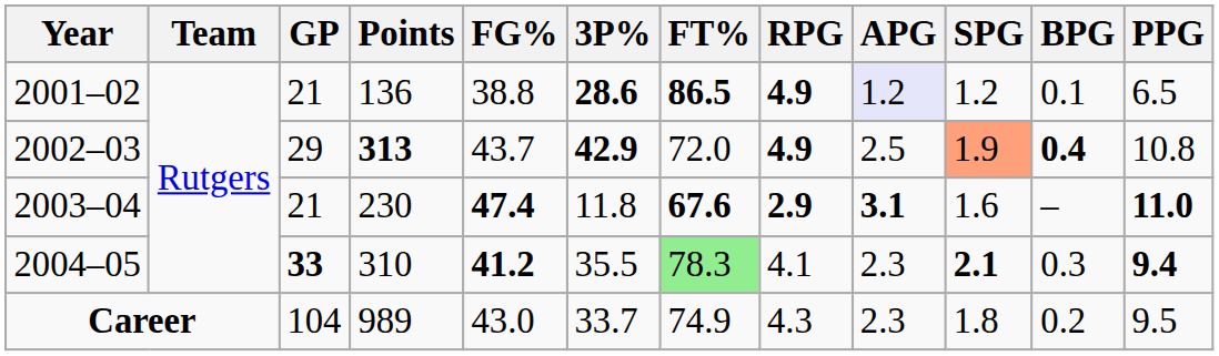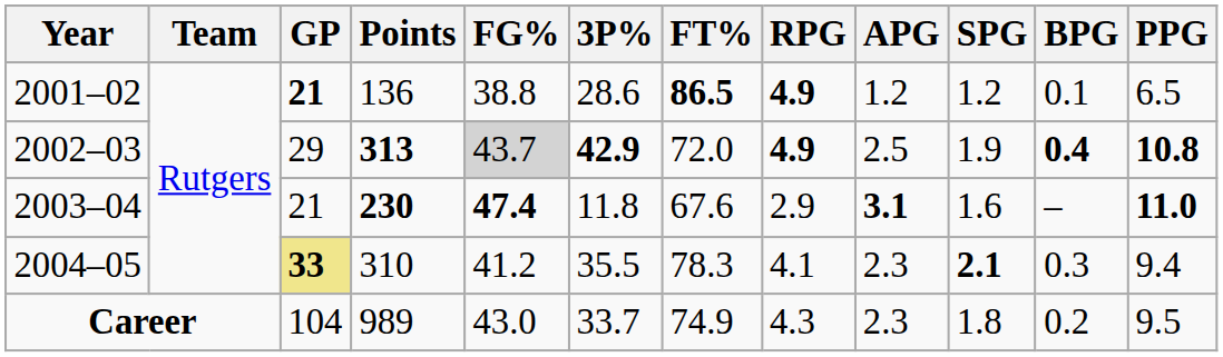 <table class="wikitable sortable">
 <tr>
 <th>Year</th>
 <th>Team</th>
 <th>GP</th>
 <th>Points</th>
 <th>FG%</th>
 <th>3P%</th>
 <th>FT%</th>
 <th>RPG</th>
 <th>APG</th>
 <th>SPG</th>
 <th>BPG</th>
 <th>PPG</th>
 </tr>
 <tr>
 <td>2001–02</td>
 <td rowspan=4><a href='#'>Rutgers</a></td>
-<td>21</td>
+<td><strong>21</strong></td>
 <td>136</td>
 <td>38.8</td>
-<td><strong>28.6</strong></td>
+<td>28.6</td>
 <td><strong>86.5</strong></td>
 <td><strong>4.9</strong></td>
-<td style="background: lavender;">1.2</td>
+<td>1.2</td>
 <td>1.2</td>
 <td>0.1</td>
 <td>6.5</td>
 </tr>
 <tr>
 <td>2002–03</td>
 <td>29</td>
 <td><strong>313</strong></td>
-<td>43.7</td>
+<td style="background: lightgrey;">43.7</td>
 <td><strong>42.9</strong></td>
 <td>72.0</td>
 <td><strong>4.9</strong></td>
 <td>2.5</td>
-<td style="background: lightsalmon;">1.9</td>
+<td>1.9</td>
 <td><strong>0.4</strong></td>
-<td>10.8</td>
+<td><strong>10.8</strong></td>
 </tr>
 <tr>
 <td>2003–04</td>
 <td>21</td>
-<td>230</td>
+<td><strong>230</strong></td>
 <td><strong>47.4</strong></td>
 <td>11.8</td>
-<td><strong>67.6</strong></td>
-<td><strong>2.9</strong></td>
+<td>67.6</td>
+<td>2.9</td>
 <td><strong>3.1</strong></td>
 <td>1.6</td>
 <td>–</td>
 <td><strong>11.0</strong></td>
 </tr>
 <tr>
 <td>2004–05</td>
-<td><strong>33</strong></td>
+<td style="background: khaki;"><strong>33</strong></td>
 <td>310</td>
-<td><strong>41.2</strong></td>
+<td>41.2</td>
 <td>35.5</td>
-<td style="background: lightgreen;">78.3</td>
+<td>78.3</td>
 <td>4.1</td>
 <td>2.3</td>
 <td><strong>2.1</strong></td>
 <td>0.3</td>
-<td><strong>9.4</strong></td>
+<td>9.4</td>
 </tr>
 <tr>
 <td colspan=2 align=center><strong>Career</strong></td>
 <td>104</td>
 <td>989</td>
 <td>43.0</td>
 <td>33.7</td>
 <td>74.9</td>
 <td>4.3</td>
 <td>2.3</td>
 <td>1.8</td>
 <td>0.2</td>
 <td>9.5</td>
 </tr>
 </table>
